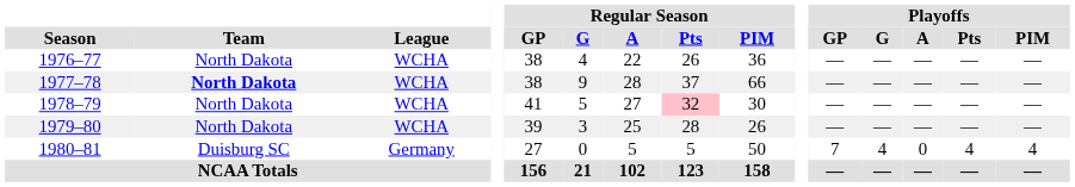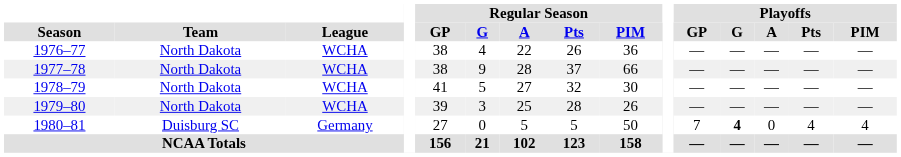 <table border="0" cellpadding="1" cellspacing="0" style="text-align:center; width:60em">
 <tr bgcolor="#e0e0e0">
 <th colspan="3"  bgcolor="#ffffff"> </th>
 <th rowspan="99" bgcolor="#ffffff"> </th>
 <th colspan="5">Regular Season</th>
 <th rowspan="99" bgcolor="#ffffff"> </th>
 <th colspan="5">Playoffs</th>
 </tr>
 <tr bgcolor="#e0e0e0">
 <th>Season</th>
 <th>Team</th>
 <th>League</th>
 <th>GP</th>
 <th><a href='#'>G</a></th>
 <th><a href='#'>A</a></th>
 <th><a href='#'>Pts</a></th>
 <th><a href='#'>PIM</a></th>
 <th>GP</th>
 <th>G</th>
 <th>A</th>
 <th>Pts</th>
 <th>PIM</th>
 </tr>
 <tr>
 <td><a href='#'>1976–77</a></td>
 <td><a href='#'>North Dakota</a></td>
 <td><a href='#'>WCHA</a></td>
 <td>38</td>
 <td>4</td>
 <td>22</td>
 <td>26</td>
 <td>36</td>
 <td>—</td>
 <td>—</td>
 <td>—</td>
 <td>—</td>
 <td>—</td>
 </tr>
 <tr bgcolor=f0f0f0>
 <td><a href='#'>1977–78</a></td>
-<td><strong><a href='#'>North Dakota</a></strong></td>
+<td><a href='#'>North Dakota</a></td>
 <td><a href='#'>WCHA</a></td>
 <td>38</td>
 <td>9</td>
 <td>28</td>
 <td>37</td>
 <td>66</td>
 <td>—</td>
 <td>—</td>
 <td>—</td>
 <td>—</td>
 <td>—</td>
 </tr>
 <tr>
 <td><a href='#'>1978–79</a></td>
 <td><a href='#'>North Dakota</a></td>
 <td><a href='#'>WCHA</a></td>
 <td>41</td>
 <td>5</td>
 <td>27</td>
-<td style="background: pink;">32</td>
+<td>32</td>
 <td>30</td>
 <td>—</td>
 <td>—</td>
 <td>—</td>
 <td>—</td>
 <td>—</td>
 </tr>
 <tr bgcolor=f0f0f0>
 <td><a href='#'>1979–80</a></td>
 <td><a href='#'>North Dakota</a></td>
 <td><a href='#'>WCHA</a></td>
 <td>39</td>
 <td>3</td>
 <td>25</td>
 <td>28</td>
 <td>26</td>
 <td>—</td>
 <td>—</td>
 <td>—</td>
 <td>—</td>
 <td>—</td>
 </tr>
 <tr>
 <td><a href='#'>1980–81</a></td>
 <td><a href='#'>Duisburg SC</a></td>
 <td><a href='#'>Germany</a></td>
 <td>27</td>
 <td>0</td>
 <td>5</td>
 <td>5</td>
 <td>50</td>
 <td>7</td>
-<td>4</td>
+<td><strong>4</strong></td>
 <td>0</td>
 <td>4</td>
 <td>4</td>
 </tr>
 <tr bgcolor="#e0e0e0">
 <th colspan="3">NCAA Totals</th>
 <th>156</th>
 <th>21</th>
 <th>102</th>
 <th>123</th>
 <th>158</th>
 <th>—</th>
 <th>—</th>
 <th>—</th>
 <th>—</th>
 <th>—</th>
 </tr>
 </table>
